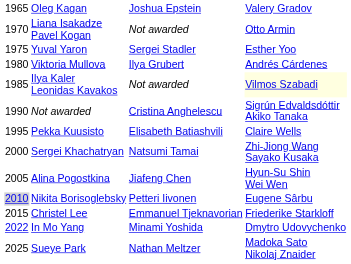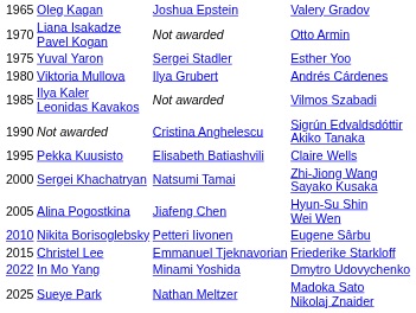 <table>
 <tr>
 <td>1965</td>
 <td> <a href='#'>Oleg Kagan</a></td>
 <td> <a href='#'>Joshua Epstein</a></td>
 <td> <a href='#'>Valery Gradov</a></td>
 </tr>
 <tr>
 <td>1970</td>
 <td> <a href='#'>Liana Isakadze</a><br> <a href='#'>Pavel Kogan</a></td>
 <td><em>Not awarded</em></td>
 <td> <a href='#'>Otto Armin</a></td>
 </tr>
 <tr>
 <td>1975</td>
 <td> <a href='#'>Yuval Yaron</a></td>
 <td> <a href='#'>Sergei Stadler</a></td>
 <td> <a href='#'>Esther Yoo</a></td>
 </tr>
 <tr>
 <td>1980</td>
 <td> <a href='#'>Viktoria Mullova</a></td>
 <td> <a href='#'>Ilya Grubert</a></td>
 <td> <a href='#'>Andrés Cárdenes</a></td>
 </tr>
 <tr>
 <td>1985</td>
 <td> <a href='#'>Ilya Kaler</a><br> <a href='#'>Leonidas Kavakos</a></td>
 <td><em>Not awarded</em></td>
-<td style="background: lightyellow;"> <a href='#'>Vilmos Szabadi</a></td>
+<td> <a href='#'>Vilmos Szabadi</a></td>
 </tr>
 <tr>
 <td>1990</td>
 <td><em>Not awarded</em></td>
 <td> <a href='#'>Cristina Anghelescu</a></td>
 <td> <a href='#'>Sigrún Edvaldsdóttir</a><br><a href='#'>Akiko Tanaka</a></td>
 </tr>
 <tr>
 <td>1995</td>
 <td> <a href='#'>Pekka Kuusisto</a></td>
 <td> <a href='#'>Elisabeth Batiashvili</a></td>
 <td> <a href='#'>Claire Wells</a></td>
 </tr>
 <tr>
 <td>2000</td>
 <td> <a href='#'>Sergei Khachatryan</a></td>
 <td> <a href='#'>Natsumi Tamai</a></td>
 <td> <a href='#'>Zhi-Jiong Wang</a><br> <a href='#'>Sayako Kusaka</a></td>
 </tr>
 <tr>
 <td>2005</td>
 <td> <a href='#'>Alina Pogostkina</a></td>
 <td> <a href='#'>Jiafeng Chen</a></td>
 <td> <a href='#'>Hyun-Su Shin</a><br> <a href='#'>Wei Wen</a></td>
 </tr>
 <tr>
-<td style="background: lightgrey;"><a href='#'>2010</a></td>
+<td><a href='#'>2010</a></td>
 <td> <a href='#'>Nikita Borisoglebsky</a></td>
 <td> <a href='#'>Petteri Iivonen</a></td>
 <td> <a href='#'>Eugene Sârbu</a></td>
 </tr>
 <tr>
 <td>2015</td>
 <td> <a href='#'>Christel Lee</a></td>
 <td> <a href='#'>Emmanuel Tjeknavorian</a></td>
 <td> <a href='#'>Friederike Starkloff</a></td>
 </tr>
 <tr>
 <td><a href='#'>2022</a></td>
 <td> <a href='#'>In Mo Yang</a></td>
 <td> <a href='#'>Minami Yoshida</a></td>
 <td> <a href='#'>Dmytro Udovychenko</a></td>
 </tr>
 <tr>
 <td>2025</td>
 <td> <a href='#'>Sueye Park</a></td>
 <td> <a href='#'>Nathan Meltzer</a></td>
 <td> <a href='#'>Madoka Sato</a><br> <a href='#'>Nikolaj Znaider</a></td>
 </tr>
 </table>
